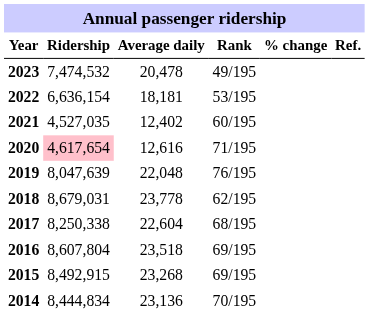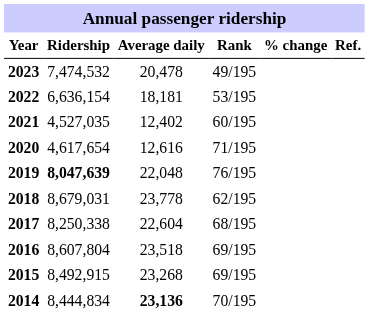 <table class="toccolours" cellpadding="4" cellspacing="0" style="text-align:right;">
 <tr>
 <th colspan="6"  style="background-color:#ccf; background-color:#ccf; font-size:110%; text-align:center;">Annual passenger ridership</th>
 </tr>
 <tr style="font-size:95%; text-align:center">
 <th style="border-bottom:1px solid black">Year</th>
 <th style="border-bottom:1px solid black">Ridership</th>
 <th style="border-bottom:1px solid black">Average daily</th>
 <th style="border-bottom:1px solid black">Rank</th>
 <th style="border-bottom:1px solid black">% change</th>
 <th style="border-bottom:1px solid black">Ref.</th>
 </tr>
 <tr style="text-align:center;">
 <td><strong>2023</strong></td>
 <td>7,474,532</td>
 <td>20,478</td>
 <td>49/195</td>
 <td></td>
 <td></td>
 </tr>
 <tr style="text-align:center;">
 <td><strong>2022</strong></td>
 <td>6,636,154</td>
 <td>18,181</td>
 <td>53/195</td>
 <td></td>
 <td></td>
 </tr>
 <tr style="text-align:center;">
 <td><strong>2021</strong></td>
 <td>4,527,035</td>
 <td>12,402</td>
 <td>60/195</td>
 <td></td>
 <td></td>
 </tr>
 <tr style="text-align:center;">
 <td><strong>2020</strong></td>
-<td style="background: pink;">4,617,654</td>
+<td>4,617,654</td>
 <td>12,616</td>
 <td>71/195</td>
 <td></td>
 <td></td>
 </tr>
 <tr style="text-align:center;">
 <td><strong>2019</strong></td>
-<td>8,047,639</td>
+<td><strong>8,047,639</strong></td>
 <td>22,048</td>
 <td>76/195</td>
 <td></td>
 <td></td>
 </tr>
 <tr style="text-align:center;">
 <td><strong>2018</strong></td>
 <td>8,679,031</td>
 <td>23,778</td>
 <td>62/195</td>
 <td></td>
 <td></td>
 </tr>
 <tr style="text-align:center;">
 <td><strong>2017</strong></td>
 <td>8,250,338</td>
 <td>22,604</td>
 <td>68/195</td>
 <td></td>
 <td></td>
 </tr>
 <tr style="text-align:center;">
 <td><strong>2016</strong></td>
 <td>8,607,804</td>
 <td>23,518</td>
 <td>69/195</td>
 <td></td>
 <td></td>
 </tr>
 <tr style="text-align:center;">
 <td><strong>2015</strong></td>
 <td>8,492,915</td>
 <td>23,268</td>
 <td>69/195</td>
 <td></td>
 <td></td>
 </tr>
 <tr style="text-align:center;">
 <td><strong>2014</strong></td>
 <td>8,444,834</td>
-<td>23,136</td>
+<td><strong>23,136</strong></td>
 <td>70/195</td>
 <td></td>
 <td></td>
 </tr>
 </table>
